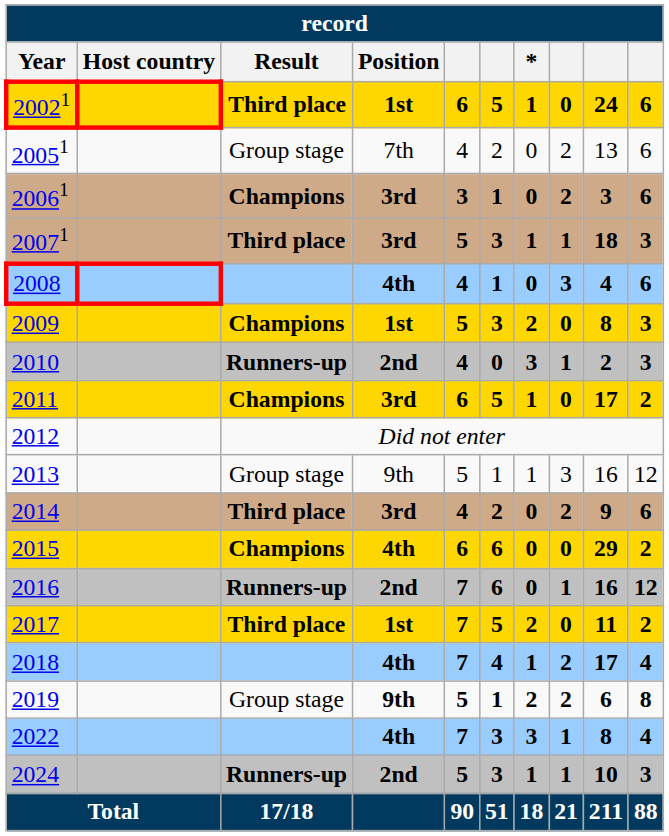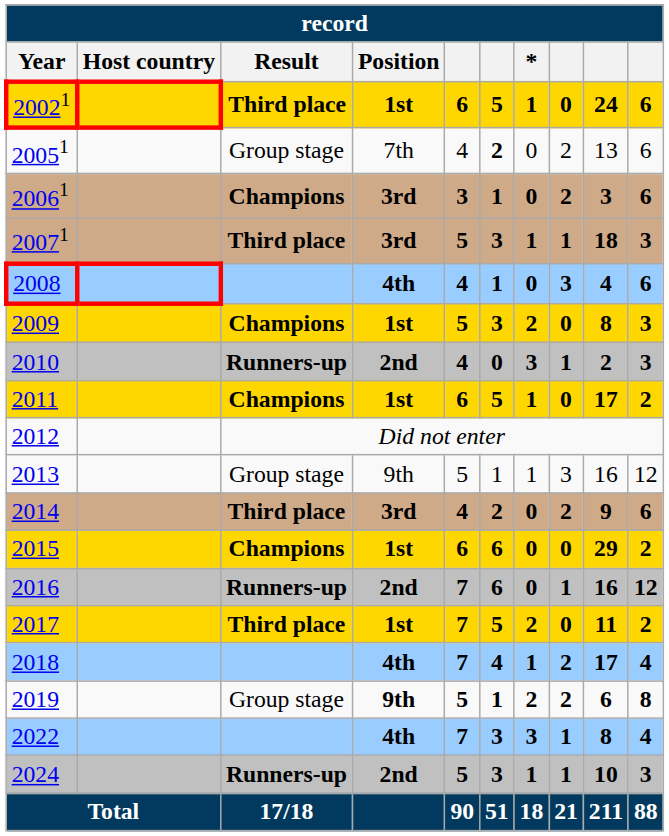 <table class="wikitable" style="text-align: center">
 <tr>
 <th colspan=10 style="background: #013A5E; color: #FFFFFF;"><a href='#'></a> record</th>
 </tr>
 <tr>
 <th>Year</th>
 <th>Host country</th>
 <th>Result</th>
 <th>Position</th>
 <th></th>
 <th></th>
 <th>*</th>
 <th></th>
 <th></th>
 <th></th>
 </tr>
 <tr bgcolor=gold>
 <td style="text-align: left; border: 3px solid red"><a href='#'>2002</a><sup>1</sup></td>
 <td style="text-align: left; border: 3px solid red"><br></td>
 <td><strong>Third place</strong></td>
 <td><strong>1st</strong></td>
 <td><strong>6</strong></td>
 <td><strong>5</strong></td>
 <td><strong>1</strong></td>
 <td><strong>0</strong></td>
 <td><strong>24</strong></td>
 <td><strong>6</strong></td>
 </tr>
 <tr>
 <td style="text-align: left"><a href='#'>2005</a><sup>1</sup></td>
 <td style="text-align: left"></td>
 <td>Group stage</td>
 <td>7th</td>
 <td>4</td>
-<td>2</td>
+<td><strong>2</strong></td>
 <td>0</td>
 <td>2</td>
 <td>13</td>
 <td>6</td>
 </tr>
 <tr bgcolor=#CFAA88>
 <td style="text-align: left"><a href='#'>2006</a><sup>1</sup></td>
 <td style="text-align: left"></td>
 <td><strong>Champions</strong></td>
 <td><strong>3rd</strong></td>
 <td><strong>3</strong></td>
 <td><strong>1</strong></td>
 <td><strong>0</strong></td>
 <td><strong>2</strong></td>
 <td><strong>3</strong></td>
 <td><strong>6</strong></td>
 </tr>
 <tr bgcolor=#CFAA88>
 <td style="text-align: left"><a href='#'>2007</a><sup>1</sup></td>
 <td style="text-align: left"></td>
 <td><strong>Third place</strong></td>
 <td><strong>3rd</strong></td>
 <td><strong>5</strong></td>
 <td><strong>3</strong></td>
 <td><strong>1</strong></td>
 <td><strong>1</strong></td>
 <td><strong>18</strong></td>
 <td><strong>3</strong></td>
 </tr>
 <tr bgcolor=#9acdff>
 <td style="text-align: left; border: 3px solid red"><a href='#'>2008</a></td>
 <td style="text-align: left; border: 3px solid red"></td>
 <td><strong></strong></td>
 <td><strong>4th</strong></td>
 <td><strong>4</strong></td>
 <td><strong>1</strong></td>
 <td><strong>0</strong></td>
 <td><strong>3</strong></td>
 <td><strong>4</strong></td>
 <td><strong>6</strong></td>
 </tr>
 <tr bgcolor=gold>
 <td style="text-align: left"><a href='#'>2009</a></td>
 <td style="text-align: left"></td>
 <td><strong>Champions</strong></td>
 <td><strong>1st</strong></td>
 <td><strong>5</strong></td>
 <td><strong>3</strong></td>
 <td><strong>2</strong></td>
 <td><strong>0</strong></td>
 <td><strong>8</strong></td>
 <td><strong>3</strong></td>
 </tr>
 <tr bgcolor=silver>
 <td style="text-align: left"><a href='#'>2010</a></td>
 <td style="text-align: left"></td>
 <td><strong>Runners-up</strong></td>
 <td><strong>2nd</strong></td>
 <td><strong>4</strong></td>
 <td><strong>0</strong></td>
 <td><strong>3</strong></td>
 <td><strong>1</strong></td>
 <td><strong>2</strong></td>
 <td><strong>3</strong></td>
 </tr>
 <tr bgcolor=gold>
 <td style="text-align: left"><a href='#'>2011</a></td>
 <td style="text-align: left"></td>
 <td><strong>Champions</strong></td>
-<td><strong>3rd</strong></td>
+<td><strong>1st</strong></td>
 <td><strong>6</strong></td>
 <td><strong>5</strong></td>
 <td><strong>1</strong></td>
 <td><strong>0</strong></td>
 <td><strong>17</strong></td>
 <td><strong>2</strong></td>
 </tr>
 <tr>
 <td style="text-align: left"><a href='#'>2012</a></td>
 <td style="text-align: left"></td>
 <td colspan=8><em>Did not enter</em></td>
 </tr>
 <tr>
 <td style="text-align: left"><a href='#'>2013</a></td>
 <td style="text-align: left"></td>
 <td>Group stage</td>
 <td>9th</td>
 <td>5</td>
 <td>1</td>
 <td>1</td>
 <td>3</td>
 <td>16</td>
 <td>12</td>
 </tr>
 <tr bgcolor=#CFAA88>
 <td style="text-align: left"><a href='#'>2014</a></td>
 <td style="text-align: left"></td>
 <td><strong>Third place</strong></td>
 <td><strong>3rd</strong></td>
 <td><strong>4</strong></td>
 <td><strong>2</strong></td>
 <td><strong>0</strong></td>
 <td><strong>2</strong></td>
 <td><strong>9</strong></td>
 <td><strong>6</strong></td>
 </tr>
 <tr bgcolor=gold>
 <td style="text-align: left"><a href='#'>2015</a></td>
 <td style="text-align: left"></td>
 <td><strong>Champions</strong></td>
-<td><strong>4th</strong></td>
+<td><strong>1st</strong></td>
 <td><strong>6</strong></td>
 <td><strong>6</strong></td>
 <td><strong>0</strong></td>
 <td><strong>0</strong></td>
 <td><strong>29</strong></td>
 <td><strong>2</strong></td>
 </tr>
 <tr bgcolor=silver>
 <td style="text-align: left"><a href='#'>2016</a></td>
 <td style="text-align: left"></td>
 <td><strong>Runners-up</strong></td>
 <td><strong>2nd</strong></td>
 <td><strong>7</strong></td>
 <td><strong>6</strong></td>
 <td><strong>0</strong></td>
 <td><strong>1</strong></td>
 <td><strong>16</strong></td>
 <td><strong>12</strong></td>
 </tr>
 <tr bgcolor=gold>
 <td style="text-align: left"><a href='#'>2017</a></td>
 <td style="text-align: left"></td>
 <td><strong>Third place</strong></td>
 <td><strong>1st</strong></td>
 <td><strong>7</strong></td>
 <td><strong>5</strong></td>
 <td><strong>2</strong></td>
 <td><strong>0</strong></td>
 <td><strong>11</strong></td>
 <td><strong>2</strong></td>
 </tr>
 <tr bgcolor=#9acdff>
 <td style="text-align: left"><a href='#'>2018</a></td>
 <td style="text-align: left"></td>
 <td><strong></strong></td>
 <td><strong>4th</strong></td>
 <td><strong>7</strong></td>
 <td><strong>4</strong></td>
 <td><strong>1</strong></td>
 <td><strong>2</strong></td>
 <td><strong>17</strong></td>
 <td><strong>4</strong></td>
 </tr>
 <tr>
 <td style="text-align: left"><a href='#'>2019</a></td>
 <td style="text-align: left"></td>
 <td>Group stage</td>
 <td><strong>9th</strong></td>
 <td><strong>5</strong></td>
 <td><strong>1</strong></td>
 <td><strong>2</strong></td>
 <td><strong>2</strong></td>
 <td><strong>6</strong></td>
 <td><strong>8</strong></td>
 </tr>
 <tr bgcolor=#9acdff>
 <td style="text-align: left"><a href='#'>2022</a></td>
 <td style="text-align: left"></td>
 <td><strong></strong></td>
 <td><strong>4th</strong></td>
 <td><strong>7</strong></td>
 <td><strong>3</strong></td>
 <td><strong>3</strong></td>
 <td><strong>1</strong></td>
 <td><strong>8</strong></td>
 <td><strong>4</strong></td>
 </tr>
 <tr bgcolor=silver>
 <td style="text-align: left"><a href='#'>2024</a></td>
 <td style="text-align: left"></td>
 <td><strong>Runners-up</strong></td>
 <td><strong>2nd</strong></td>
 <td><strong>5</strong></td>
 <td><strong>3</strong></td>
 <td><strong>1</strong></td>
 <td><strong>1</strong></td>
 <td><strong>10</strong></td>
 <td><strong>3</strong></td>
 </tr>
 <tr>
 <td colspan=2 style="background: #013A5E; color: #FFFFFF;"><strong>Total</strong></td>
 <td style="background: #013A5E; color: #FFFFFF;"><strong>17/18</strong></td>
 <td style="background: #013A5E; color: #FFFFFF;"><strong></strong></td>
 <td style="background: #013A5E; color: #FFFFFF;"><strong>90</strong></td>
 <td style="background: #013A5E; color: #FFFFFF;"><strong>51</strong></td>
 <td style="background: #013A5E; color: #FFFFFF;"><strong>18</strong></td>
 <td style="background: #013A5E; color: #FFFFFF;"><strong>21</strong></td>
 <td style="background: #013A5E; color: #FFFFFF;"><strong>211</strong></td>
 <td style="background: #013A5E; color: #FFFFFF;"><strong>88</strong></td>
 </tr>
 </table>
